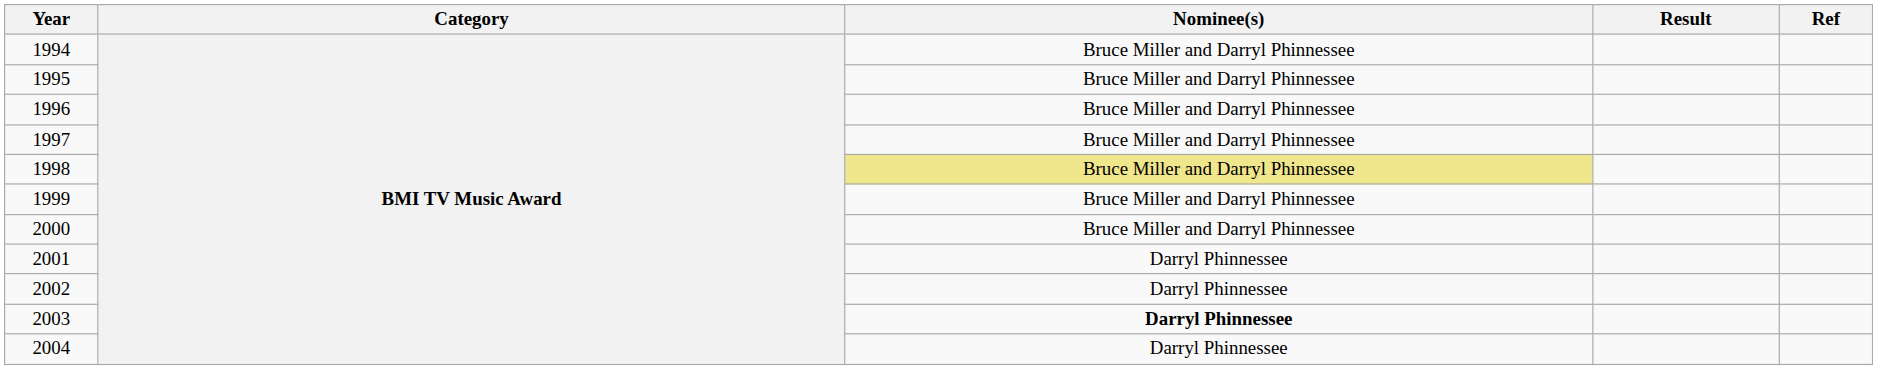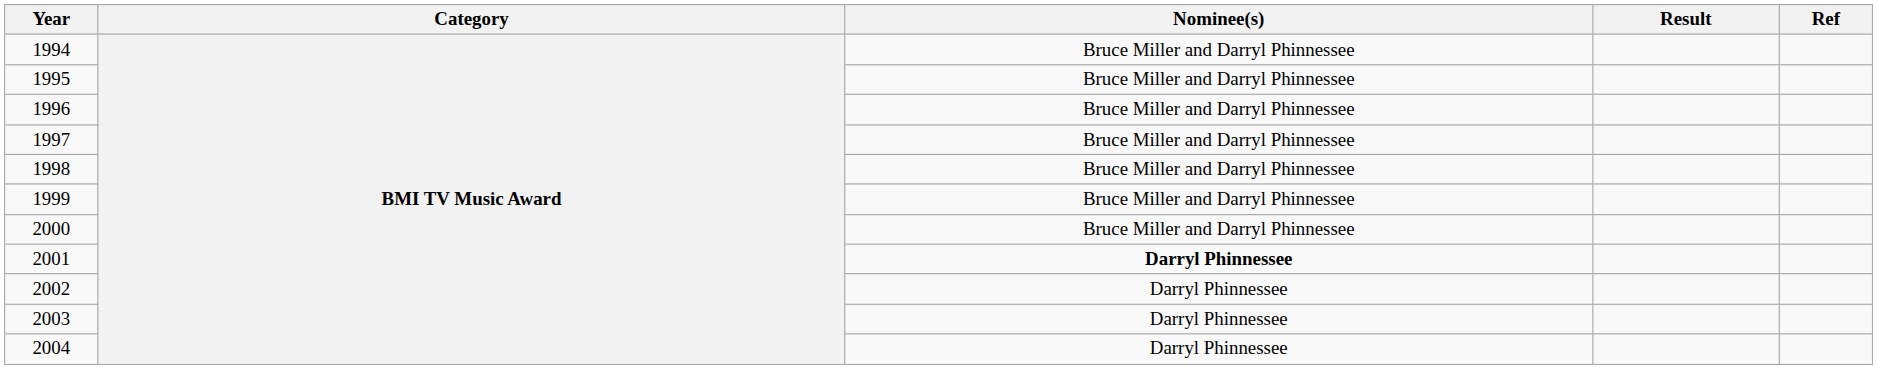 <table class="wikitable plainrowheaders" style="font-size: 100%; text-align:center" width=100%>
 <tr>
 <th scope="col" width="5%">Year</th>
 <th scope="col" width="40%">Category</th>
 <th scope="col" width="40%">Nominee(s)</th>
 <th scope="col" width="10%">Result</th>
 <th scope="col" width="5%">Ref</th>
 </tr>
 <tr>
 <td>1994</td>
 <th scope="row" style="text-align:center" rowspan="11">BMI TV Music Award</th>
 <td>Bruce Miller and Darryl Phinnessee</td>
 <td></td>
 <td></td>
 </tr>
 <tr>
 <td>1995</td>
 <td>Bruce Miller and Darryl Phinnessee</td>
 <td></td>
 <td></td>
 </tr>
 <tr>
 <td>1996</td>
 <td>Bruce Miller and Darryl Phinnessee</td>
 <td></td>
 <td></td>
 </tr>
 <tr>
 <td>1997</td>
 <td>Bruce Miller and Darryl Phinnessee</td>
 <td></td>
 <td></td>
 </tr>
 <tr>
 <td>1998</td>
-<td style="background: khaki;">Bruce Miller and Darryl Phinnessee</td>
+<td>Bruce Miller and Darryl Phinnessee</td>
 <td></td>
 <td></td>
 </tr>
 <tr>
 <td>1999</td>
 <td>Bruce Miller and Darryl Phinnessee</td>
 <td></td>
 <td></td>
 </tr>
 <tr>
 <td>2000</td>
 <td>Bruce Miller and Darryl Phinnessee</td>
 <td></td>
 <td></td>
 </tr>
 <tr>
 <td>2001</td>
-<td>Darryl Phinnessee</td>
+<td><strong>Darryl Phinnessee</strong></td>
 <td></td>
 <td></td>
 </tr>
 <tr>
 <td>2002</td>
 <td>Darryl Phinnessee</td>
 <td></td>
 <td></td>
 </tr>
 <tr>
 <td>2003</td>
-<td><strong>Darryl Phinnessee</strong></td>
+<td>Darryl Phinnessee</td>
 <td></td>
 <td></td>
 </tr>
 <tr>
 <td>2004</td>
 <td>Darryl Phinnessee</td>
 <td></td>
 <td></td>
 </tr>
 </table>
